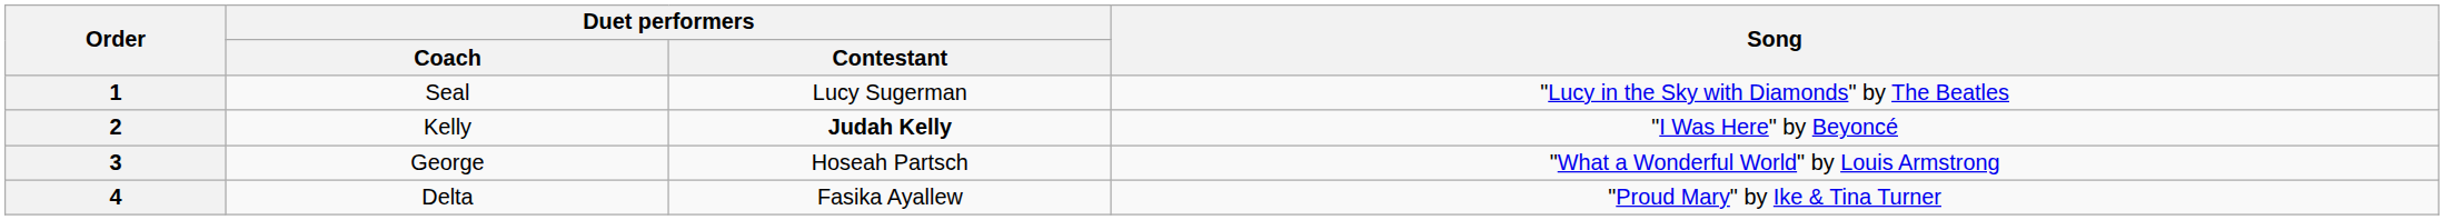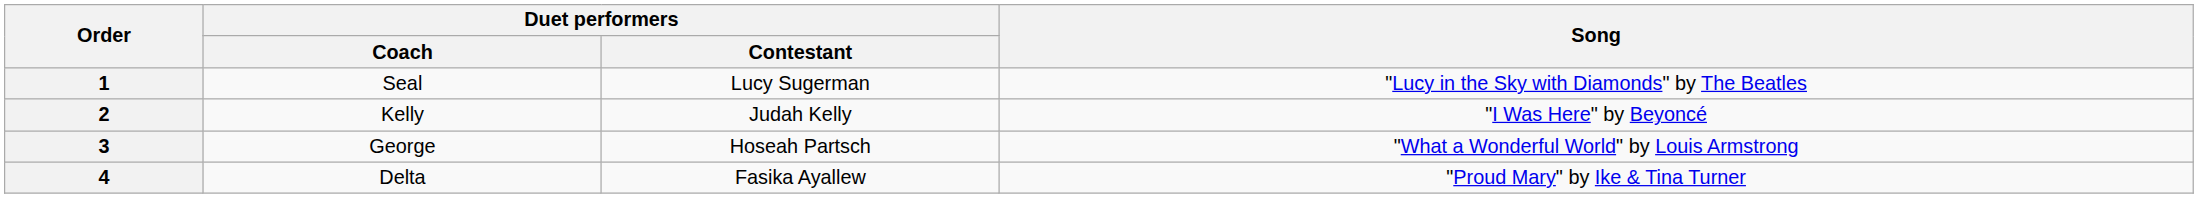 <table class="wikitable" style="text-align:center; width:89%;">
 <tr>
 <th rowspan="2" width="5%">Order</th>
 <th colspan="2">Duet performers</th>
 <th rowspan="2" width="30%">Song</th>
 </tr>
 <tr>
 <th width="10%">Coach</th>
 <th width="10%">Contestant</th>
 </tr>
 <tr>
 <th scope="row">1</th>
 <td>Seal</td>
 <td>Lucy Sugerman</td>
 <td>"<a href='#'>Lucy in the Sky with Diamonds</a>" by <a href='#'>The Beatles</a></td>
 </tr>
 <tr>
 <th scope="row">2</th>
 <td>Kelly</td>
-<td><strong>Judah Kelly</strong></td>
+<td>Judah Kelly</td>
 <td>"<a href='#'>I Was Here</a>" by <a href='#'>Beyoncé</a></td>
 </tr>
 <tr>
 <th scope="row">3</th>
 <td>George</td>
 <td>Hoseah Partsch</td>
 <td>"<a href='#'>What a Wonderful World</a>" by <a href='#'>Louis Armstrong</a></td>
 </tr>
 <tr>
 <th scope="row">4</th>
 <td>Delta</td>
 <td>Fasika Ayallew</td>
 <td>"<a href='#'>Proud Mary</a>" by <a href='#'>Ike & Tina Turner</a></td>
 </tr>
 </table>
